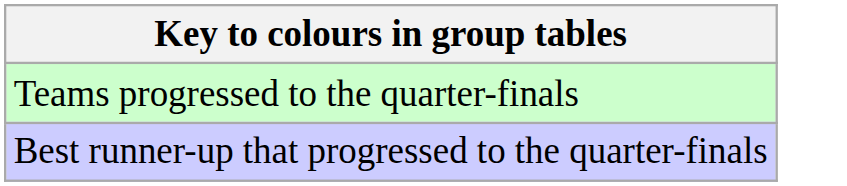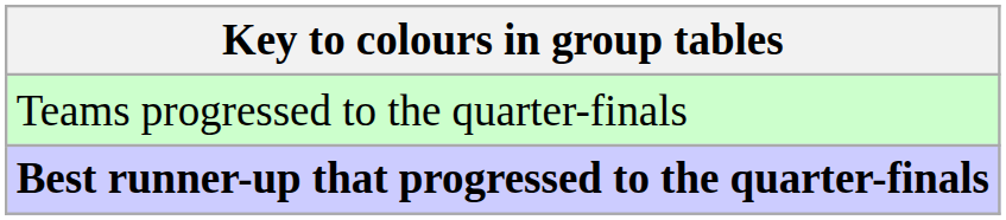 <table class="wikitable">
 <tr>
 <th>Key to colours in group tables</th>
 </tr>
 <tr bgcolor=#ccffcc>
 <td>Teams progressed to the quarter-finals</td>
 </tr>
 <tr bgcolor=#ccccff>
-<td>Best runner-up that progressed to the quarter-finals</td>
+<td><strong>Best runner-up that progressed to the quarter-finals</strong></td>
 </tr>
 </table>
